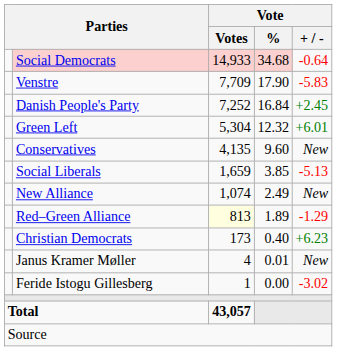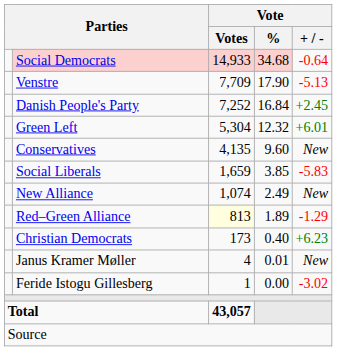 <table class="wikitable" style="text-align:right;">
 <tr>
 <th style="text-align:centre;" rowspan="2" colspan="2" width="225">Parties</th>
 <th colspan="3">Vote</th>
 </tr>
 <tr>
 <th width="15">Votes</th>
 <th width="15">%</th>
 <th width="15">+ / -</th>
 </tr>
 <tr>
 <td width="2" style="color:inherit;background:"></td>
 <td bgcolor=#fbd0ce  align="left"><a href='#'>Social Democrats</a></td>
 <td bgcolor=#fbd0ce>14,933</td>
 <td bgcolor=#fbd0ce>34.68</td>
 <td style=color:red;>-0.64</td>
 </tr>
 <tr>
 <td width="2" style="color:inherit;background:"></td>
 <td align="left"><a href='#'>Venstre</a></td>
 <td>7,709</td>
 <td>17.90</td>
-<td style=color:red;>-5.83</td>
+<td style=color:red;>-5.13</td>
 </tr>
 <tr>
 <td width="2" style="color:inherit;background:"></td>
 <td align="left"><a href='#'>Danish People's Party</a></td>
 <td>7,252</td>
 <td>16.84</td>
 <td style=color:green;>+2.45</td>
 </tr>
 <tr>
 <td width="2" style="color:inherit;background:"></td>
 <td align="left"><a href='#'>Green Left</a></td>
 <td>5,304</td>
 <td>12.32</td>
 <td style=color:green;>+6.01</td>
 </tr>
 <tr>
 <td width="2" style="color:inherit;background:"></td>
 <td align="left"><a href='#'>Conservatives</a></td>
 <td>4,135</td>
 <td>9.60</td>
 <td><em>New</em></td>
 </tr>
 <tr>
 <td width="2" style="color:inherit;background:"></td>
 <td align="left"><a href='#'>Social Liberals</a></td>
 <td>1,659</td>
 <td>3.85</td>
-<td style=color:red;>-5.13</td>
+<td style=color:red;>-5.83</td>
 </tr>
 <tr>
 <td width="2" style="color:inherit;background:"></td>
 <td align="left"><a href='#'>New Alliance</a></td>
 <td>1,074</td>
 <td>2.49</td>
 <td><em>New</em></td>
 </tr>
 <tr>
 <td width="2" style="color:inherit;background:"></td>
 <td align="left"><a href='#'>Red–Green Alliance</a></td>
 <td style="background: lightyellow;">813</td>
 <td>1.89</td>
 <td style=color:red;>-1.29</td>
 </tr>
 <tr>
 <td width="2" style="color:inherit;background:"></td>
 <td align="left"><a href='#'>Christian Democrats</a></td>
 <td>173</td>
 <td>0.40</td>
 <td style=color:green;>+6.23</td>
 </tr>
 <tr>
 <td width="2" style="color:inherit;background:"></td>
 <td align="left">Janus Kramer Møller</td>
 <td>4</td>
 <td>0.01</td>
 <td><em>New</em></td>
 </tr>
 <tr>
 <td width="2" style="color:inherit;background:"></td>
 <td align="left">Feride Istogu Gillesberg</td>
 <td>1</td>
 <td>0.00</td>
 <td style=color:red;>-3.02</td>
 </tr>
 <tr>
 <td colspan="7" bgcolor="#E9E9E9"></td>
 </tr>
 <tr>
 <td align="left" colspan="2"><strong>Total</strong></td>
 <td><strong>43,057</strong></td>
 <td bgcolor="#E9E9E9" colspan="2"></td>
 </tr>
 <tr>
 <td align="left" colspan="6">Source</td>
 </tr>
 </table>
